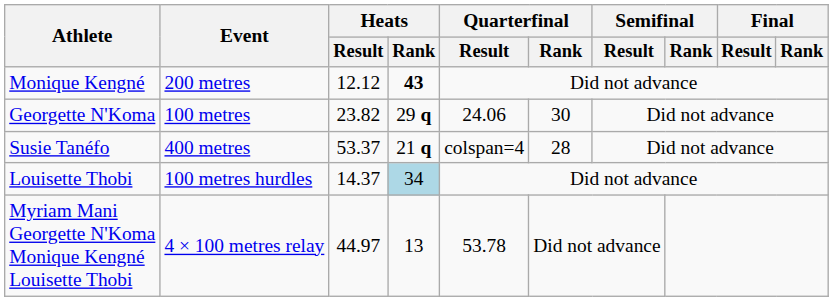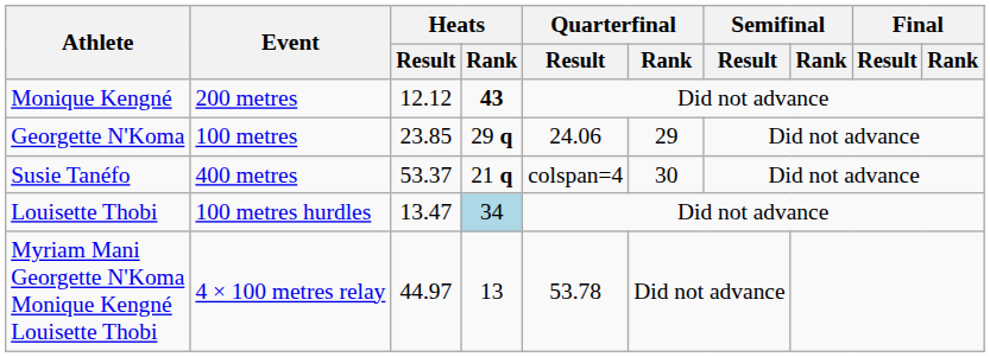 <table class="wikitable" style="font-size:90%">
 <tr>
 <th rowspan="2">Athlete</th>
 <th rowspan="2">Event</th>
 <th colspan="2">Heats</th>
 <th colspan="2">Quarterfinal</th>
 <th colspan="2">Semifinal</th>
 <th colspan="2">Final</th>
 </tr>
 <tr style="font-size:95%">
 <th>Result</th>
 <th>Rank</th>
 <th>Result</th>
 <th>Rank</th>
 <th>Result</th>
 <th>Rank</th>
 <th>Result</th>
 <th>Rank</th>
 </tr>
 <tr align=center>
 <td align=left><a href='#'>Monique Kengné</a></td>
 <td align=left><a href='#'>200 metres</a></td>
 <td>12.12</td>
 <td><strong>43</strong></td>
 <td colspan=6>Did not advance</td>
 </tr>
 <tr align=center>
 <td align=left><a href='#'>Georgette N'Koma</a></td>
 <td align=left><a href='#'>100 metres</a></td>
-<td>23.82</td>
+<td>23.85</td>
 <td>29 <strong>q</strong></td>
 <td>24.06</td>
-<td>30</td>
+<td>29</td>
 <td colspan=4>Did not advance</td>
 </tr>
 <tr align=center>
 <td align=left><a href='#'>Susie Tanéfo</a></td>
 <td align=left><a href='#'>400 metres</a></td>
 <td>53.37</td>
 <td>21 <strong>q</strong></td>
 <td>colspan=4</td>
-<td>28</td>
+<td>30</td>
 <td colspan=4>Did not advance</td>
 </tr>
 <tr align=center>
 <td align=left><a href='#'>Louisette Thobi</a></td>
 <td align=left><a href='#'>100 metres hurdles</a></td>
-<td>14.37</td>
+<td>13.47</td>
 <td style="background: lightblue;">34</td>
 <td colspan=6>Did not advance</td>
 </tr>
 <tr align=center>
 <td align=left><a href='#'>Myriam Mani</a><br><a href='#'>Georgette N'Koma</a><br><a href='#'>Monique Kengné</a><br><a href='#'>Louisette Thobi</a></td>
 <td align=left><a href='#'>4 × 100 metres relay</a></td>
 <td>44.97</td>
 <td>13</td>
 <td>53.78</td>
 <td colspan=2>Did not advance</td>
 </tr>
 </table>
